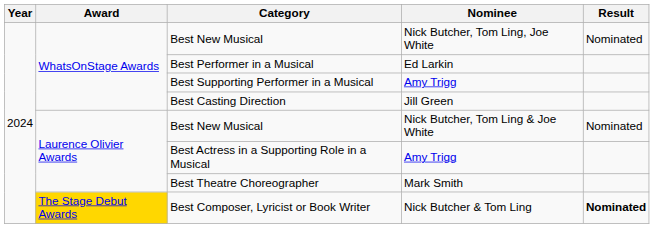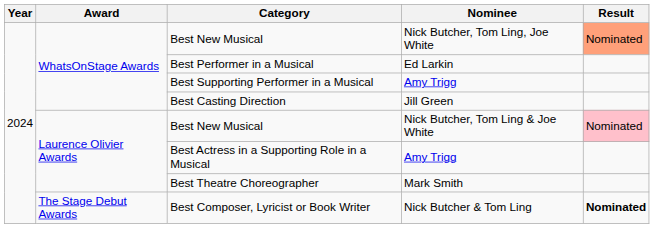 <table class="wikitable" style="width:100%;">
 <tr>
 <th>Year</th>
 <th><strong>Award</strong></th>
 <th><strong>Category</strong></th>
 <th><strong>Nominee</strong></th>
 <th>Result</th>
 </tr>
 <tr>
 <td rowspan="8" style="text-align:center;">2024</td>
 <td rowspan="4"><a href='#'>WhatsOnStage Awards</a></td>
 <td>Best New Musical</td>
 <td Nick Butcher, Tom Ling, Joe White>Nick Butcher, Tom Ling, Joe White</td>
-<td>Nominated</td>
+<td style="background: lightsalmon;">Nominated</td>
 </tr>
 <tr>
 <td>Best Performer in a Musical</td>
 <td>Ed Larkin</td>
 <td></td>
 </tr>
 <tr>
 <td>Best Supporting Performer in a Musical</td>
 <td><a href='#'>Amy Trigg</a></td>
 <td></td>
 </tr>
 <tr>
 <td>Best Casting Direction</td>
 <td>Jill Green</td>
 <td></td>
 </tr>
 <tr>
 <td rowspan="3"><a href='#'>Laurence Olivier Awards</a></td>
 <td>Best New Musical</td>
 <td Nick Butcher, Tom Ling, Joe White>Nick Butcher, Tom Ling & Joe White</td>
-<td>Nominated</td>
+<td style="background: pink;">Nominated</td>
 </tr>
 <tr>
 <td>Best Actress in a Supporting Role in a Musical</td>
 <td><a href='#'>Amy Trigg</a></td>
 <td></td>
 </tr>
 <tr>
 <td>Best Theatre Choreographer</td>
 <td>Mark Smith</td>
 <td></td>
 </tr>
 <tr>
-<td style="background: gold;"><a href='#'>The Stage Debut Awards</a></td>
+<td><a href='#'>The Stage Debut Awards</a></td>
 <td>Best Composer, Lyricist or Book Writer</td>
 <td>Nick Butcher & Tom Ling</td>
 <td><strong>Nominated</strong></td>
 </tr>
 </table>
